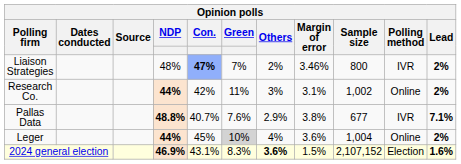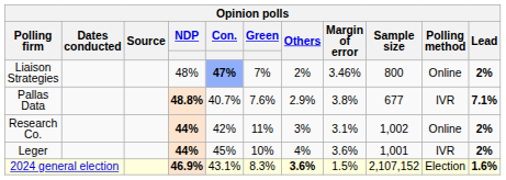 <table class="wikitable" style="text-align:center; font-size:90%; line-height:14px;">
 <tr>
 <th colspan="11" width="830px,">Opinion polls</th>
 </tr>
 <tr>
 <th rowspan="2">Polling firm</th>
 <th rowspan="2">Dates conducted</th>
 <th rowspan="2">Source</th>
 <th style="width:50px;"><a href='#'>NDP</a></th>
 <th style="width:50px;"><a href='#'>Con.</a></th>
 <th style="width:50px;"><a href='#'>Green</a></th>
 <th rowspan="2" style="width:50px;"><a href='#'>Others</a></th>
 <th rowspan="2">Margin of error</th>
 <th rowspan="2">Sample size</th>
 <th rowspan="2">Polling method</th>
 <th rowspan="2" style="width:20px;">Lead</th>
 </tr>
 <tr class="sorttop">
 <th style="background:"></th>
 <th style="background:"></th>
 <th style="background:"></th>
 </tr>
 <tr>
 <td>Liaison Strategies</td>
 <td></td>
 <td></td>
 <td>48%</td>
 <td style="background:#90affb;"><strong>47%</strong></td>
 <td>7%</td>
 <td>2%</td>
 <td>3.46%</td>
 <td>800</td>
-<td>IVR</td>
-<td style="background:"><strong>2%</strong></td>
-</tr>
-<tr>
-<td>Research Co.</td>
-<td></td>
-<td></td>
-<td style="background:#FCE4CF;"><strong>44%</strong></td>
-<td>42%</td>
-<td>11%</td>
-<td>3%</td>
-<td>3.1%</td>
-<td>1,002</td>
 <td>Online</td>
 <td style="background:"><strong>2%</strong></td>
 </tr>
 <tr>
 <td>Pallas Data</td>
 <td></td>
 <td></td>
 <td style="background:#FCE4CF;"><strong>48.8%</strong></td>
 <td>40.7%</td>
 <td>7.6%</td>
 <td>2.9%</td>
 <td>3.8%</td>
 <td>677</td>
 <td>IVR</td>
 <td style="background:"><strong>7.1%</strong></td>
 </tr>
 <tr>
+<td>Research Co.</td>
+<td></td>
+<td></td>
+<td style="background:#FCE4CF;"><strong>44%</strong></td>
+<td>42%</td>
+<td>11%</td>
+<td>3%</td>
+<td>3.1%</td>
+<td>1,002</td>
+<td>Online</td>
+<td style="background:"><strong>2%</strong></td>
+</tr>
+<tr>
 <td>Leger</td>
 <td></td>
 <td></td>
 <td style="background:#FCE4CF;"><strong>44%</strong></td>
 <td>45%</td>
-<td style="background: lightgrey;">10%</td>
+<td>10%</td>
 <td>4%</td>
 <td>3.6%</td>
-<td>1,004</td>
-<td>Online</td>
+<td>1,001</td>
+<td>IVR</td>
 <td style="background:"><strong>2%</strong></td>
 </tr>
 <tr style="background:#ffd;">
 <td colspan="2"><a href='#'>2024 general election</a></td>
 <td></td>
 <td style="background:#FCE4CF;"><strong>46.9%</strong></td>
 <td>43.1%</td>
 <td>8.3%</td>
 <td><strong>3.6%</strong></td>
 <td>1.5%</td>
 <td>2,107,152</td>
 <td>Election</td>
 <td style="background:"><strong>1.6%</strong></td>
 </tr>
 </table>
